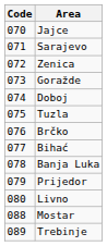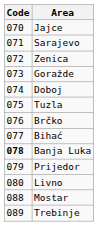 <table class="wikitable">
 <tr>
 <th>Code</th>
 <th>Area</th>
 </tr>
 <tr>
 <td>070</td>
 <td>Jajce</td>
 </tr>
 <tr>
 <td>071</td>
 <td>Sarajevo</td>
 </tr>
 <tr>
 <td>072</td>
 <td>Zenica</td>
 </tr>
 <tr>
 <td>073</td>
 <td>Goražde</td>
 </tr>
 <tr>
 <td>074</td>
 <td>Doboj</td>
 </tr>
 <tr>
 <td>075</td>
 <td>Tuzla</td>
 </tr>
 <tr>
 <td>076</td>
 <td>Brčko</td>
 </tr>
 <tr>
 <td>077</td>
 <td>Bihać</td>
 </tr>
 <tr>
-<td>078</td>
+<td><strong>078</strong></td>
 <td>Banja Luka</td>
 </tr>
 <tr>
 <td>079</td>
 <td>Prijedor</td>
 </tr>
 <tr>
 <td>080</td>
 <td>Livno</td>
 </tr>
 <tr>
 <td>088</td>
 <td>Mostar</td>
 </tr>
 <tr>
 <td>089</td>
 <td>Trebinje</td>
 </tr>
 </table>
